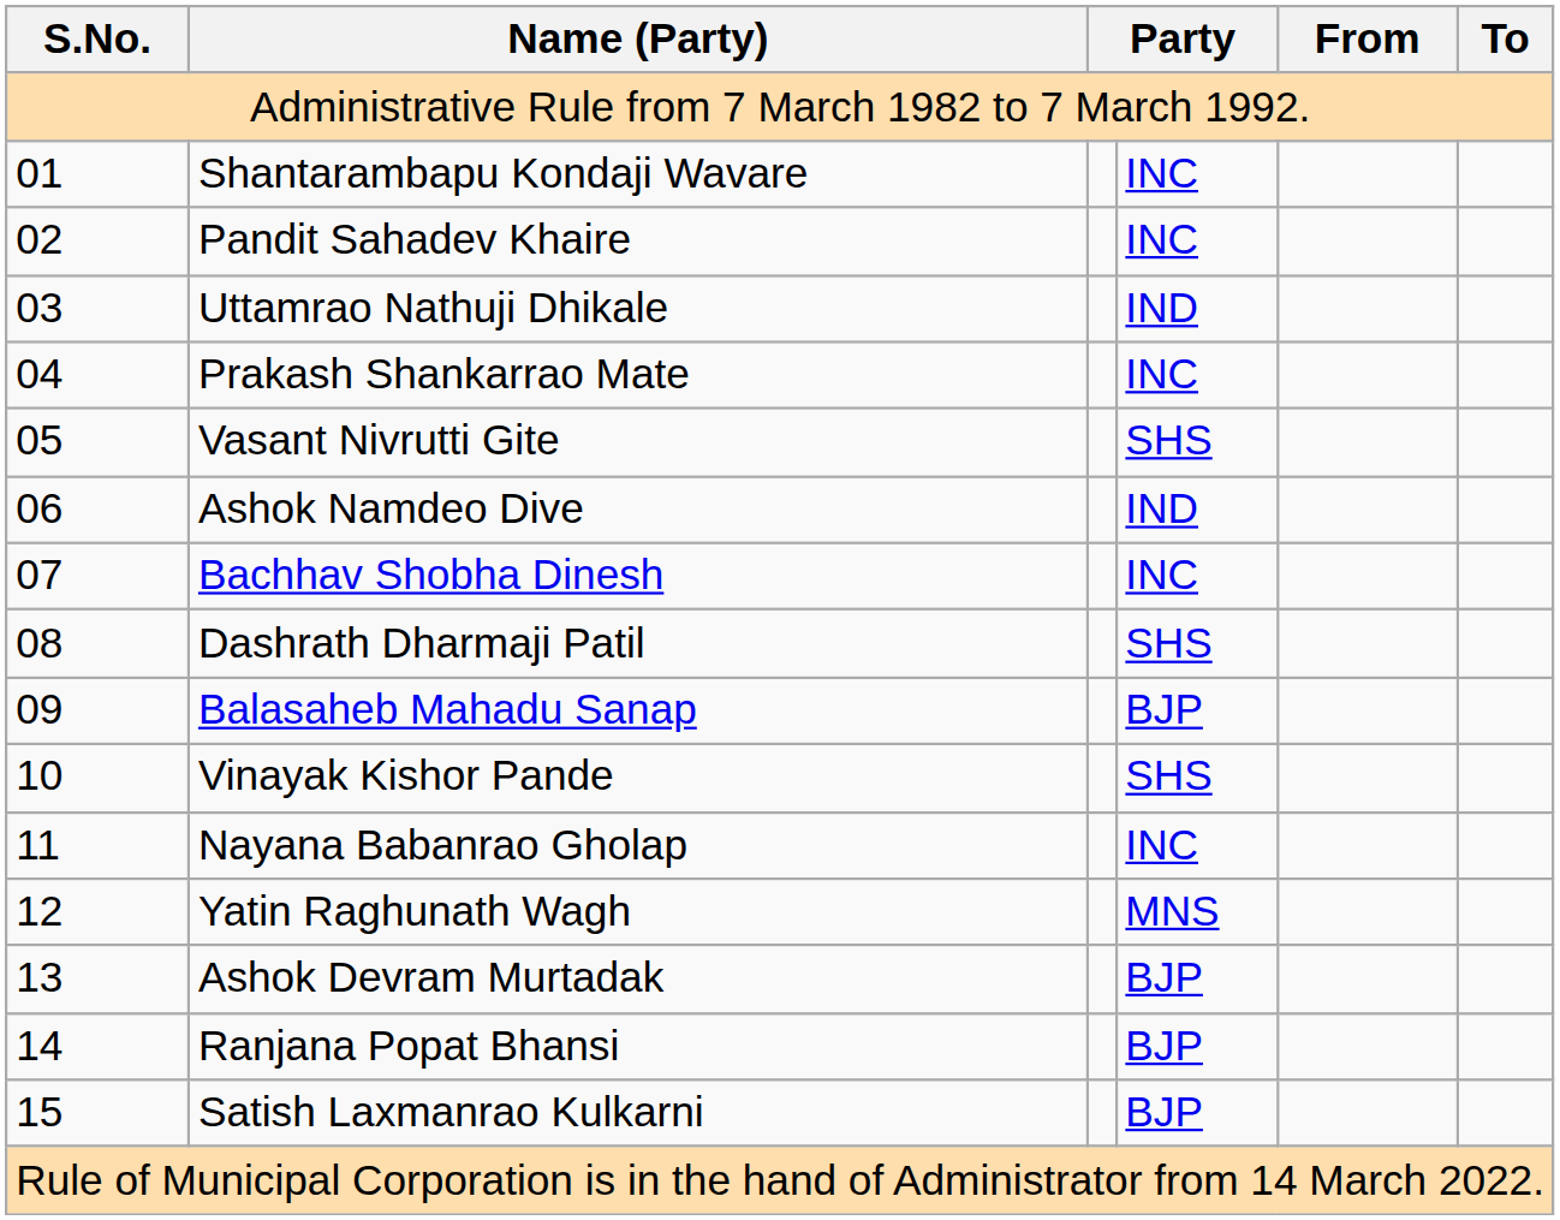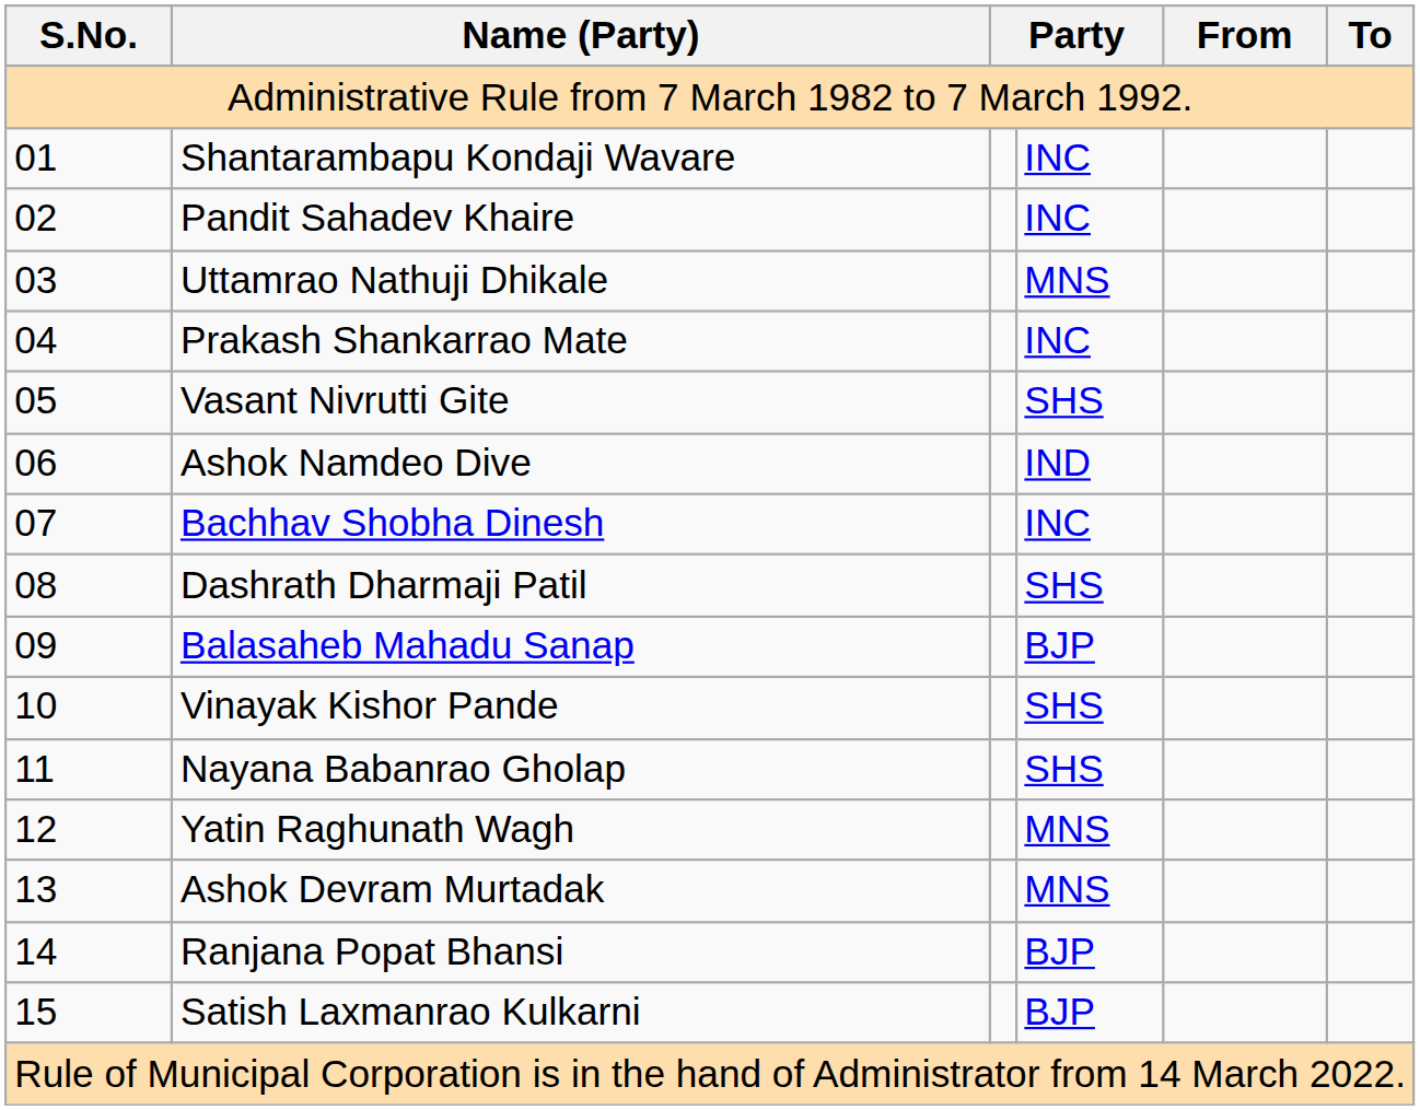 <table class="sortable wikitable">
 <tr>
 <th>S.No.</th>
 <th>Name (Party)</th>
 <th colspan="2">Party</th>
 <th>From</th>
 <th>To</th>
 </tr>
 <tr>
 <td colspan = 6 align = center style="background: #ffdead;">Administrative Rule from 7 March 1982 to 7 March 1992.</td>
 </tr>
 <tr>
 <td>01</td>
 <td>Shantarambapu Kondaji Wavare</td>
 <td style="background-color: "></td>
 <td><a href='#'>INC</a></td>
 <td></td>
 <td></td>
 </tr>
 <tr>
 <td>02</td>
 <td>Pandit Sahadev Khaire</td>
 <td style="background-color: "></td>
 <td><a href='#'>INC</a></td>
 <td></td>
 <td></td>
 </tr>
 <tr>
 <td>03</td>
 <td>Uttamrao Nathuji Dhikale</td>
 <td style="background-color: "></td>
-<td><a href='#'>IND</a></td>
+<td><a href='#'>MNS</a></td>
 <td></td>
 <td></td>
 </tr>
 <tr>
 <td>04</td>
 <td>Prakash Shankarrao Mate</td>
 <td style="background-color: "></td>
 <td><a href='#'>INC</a></td>
 <td></td>
 <td></td>
 </tr>
 <tr>
 <td>05</td>
 <td>Vasant Nivrutti Gite</td>
 <td style="background-color: "></td>
 <td><a href='#'>SHS</a></td>
 <td></td>
 <td></td>
 </tr>
 <tr>
 <td>06</td>
 <td>Ashok Namdeo Dive</td>
 <td style="background-color: "></td>
 <td><a href='#'>IND</a></td>
 <td></td>
 <td></td>
 </tr>
 <tr>
 <td>07</td>
 <td><a href='#'>Bachhav Shobha Dinesh</a></td>
 <td style="background-color: "></td>
 <td><a href='#'>INC</a></td>
 <td></td>
 <td></td>
 </tr>
 <tr>
 <td>08</td>
 <td>Dashrath Dharmaji Patil</td>
 <td style="background-color: "></td>
 <td><a href='#'>SHS</a></td>
 <td></td>
 <td></td>
 </tr>
 <tr>
 <td>09</td>
 <td><a href='#'>Balasaheb Mahadu Sanap</a></td>
 <td style="background-color: "></td>
 <td><a href='#'>BJP</a></td>
 <td></td>
 <td></td>
 </tr>
 <tr>
 <td>10</td>
 <td>Vinayak Kishor Pande</td>
 <td style="background-color: "></td>
 <td><a href='#'>SHS</a></td>
 <td></td>
 <td></td>
 </tr>
 <tr>
 <td>11</td>
 <td>Nayana Babanrao Gholap</td>
 <td style="background-color: "></td>
-<td><a href='#'>INC</a></td>
+<td><a href='#'>SHS</a></td>
 <td></td>
 <td></td>
 </tr>
 <tr>
 <td>12</td>
 <td>Yatin Raghunath Wagh</td>
 <td style="background-color: "></td>
 <td><a href='#'>MNS</a></td>
 <td></td>
 <td></td>
 </tr>
 <tr>
 <td>13</td>
 <td>Ashok Devram Murtadak</td>
 <td style="background-color: "></td>
-<td><a href='#'>BJP</a></td>
+<td><a href='#'>MNS</a></td>
 <td></td>
 <td></td>
 </tr>
 <tr>
 <td>14</td>
 <td>Ranjana Popat Bhansi</td>
 <td style="background-color: "></td>
 <td><a href='#'>BJP</a></td>
 <td></td>
 <td></td>
 </tr>
 <tr>
 <td>15</td>
 <td>Satish Laxmanrao Kulkarni</td>
 <td style="background-color: "></td>
 <td><a href='#'>BJP</a></td>
 <td></td>
 <td></td>
 </tr>
 <tr>
 <td colspan = 6 align = center style="background: #ffdead;">Rule of Municipal Corporation is in the hand of Administrator from 14 March 2022.</td>
 </tr>
 </table>
